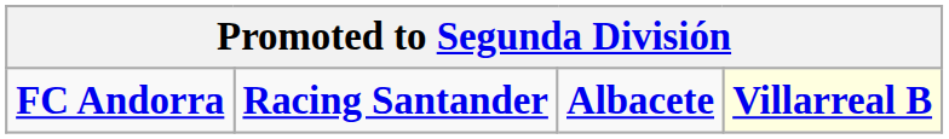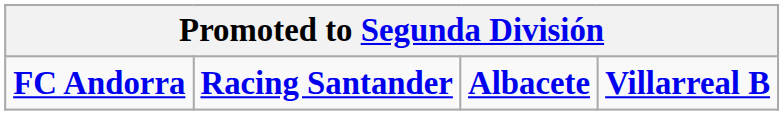 <table class="wikitable" style="text-align: center; margin: 0 auto;">
 <tr>
 <th colspan="5">Promoted to <a href='#'>Segunda División</a></th>
 </tr>
 <tr>
 <td><strong><a href='#'>FC Andorra</a></strong><br></td>
 <td><strong><a href='#'>Racing Santander</a></strong><br></td>
 <td><strong><a href='#'>Albacete</a></strong><br></td>
-<td style="background: lightyellow;"><strong><a href='#'>Villarreal B</a></strong><br></td>
+<td><strong><a href='#'>Villarreal B</a></strong><br></td>
 </tr>
 </table>
